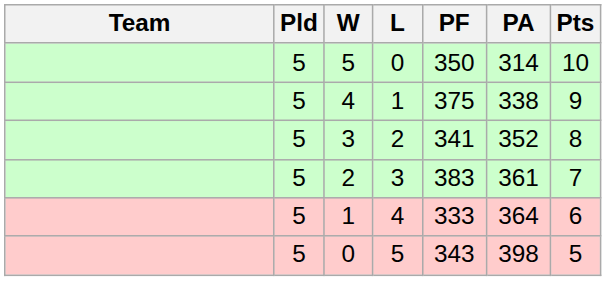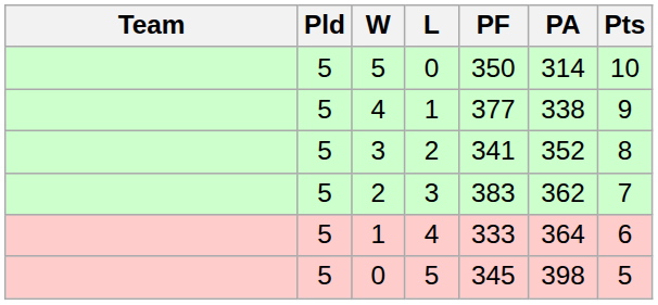 <table class="wikitable" style="text-align:center;">
 <tr>
 <th width=170>Team</th>
 <th width=25>Pld</th>
 <th width=25>W</th>
 <th width=25>L</th>
 <th width=35>PF</th>
 <th width=35>PA</th>
 <th width=25>Pts</th>
 </tr>
 <tr bgcolor=#ccffcc>
 <td align="left"></td>
 <td>5</td>
 <td>5</td>
 <td>0</td>
 <td>350</td>
 <td>314</td>
 <td>10</td>
 </tr>
 <tr bgcolor=#ccffcc>
 <td align="left"></td>
 <td>5</td>
 <td>4</td>
 <td>1</td>
-<td>375</td>
+<td>377</td>
 <td>338</td>
 <td>9</td>
 </tr>
 <tr bgcolor=#ccffcc>
 <td align="left"></td>
 <td>5</td>
 <td>3</td>
 <td>2</td>
 <td>341</td>
 <td>352</td>
 <td>8</td>
 </tr>
 <tr bgcolor=#ccffcc>
 <td align="left"></td>
 <td>5</td>
 <td>2</td>
 <td>3</td>
 <td>383</td>
-<td>361</td>
+<td>362</td>
 <td>7</td>
 </tr>
 <tr bgcolor=#ffcccc>
 <td align="left"></td>
 <td>5</td>
 <td>1</td>
 <td>4</td>
 <td>333</td>
 <td>364</td>
 <td>6</td>
 </tr>
 <tr bgcolor=#ffcccc>
 <td align="left"></td>
 <td>5</td>
 <td>0</td>
 <td>5</td>
-<td>343</td>
+<td>345</td>
 <td>398</td>
 <td>5</td>
 </tr>
 </table>
